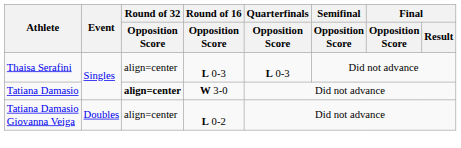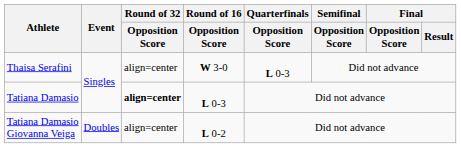 <table class="wikitable" style="font-size:90%">
 <tr>
 <th rowspan=2>Athlete</th>
 <th rowspan=2>Event</th>
 <th>Round of 32</th>
 <th>Round of 16</th>
 <th>Quarterfinals</th>
 <th>Semifinal</th>
 <th colspan=2>Final</th>
 </tr>
 <tr>
 <th>Opposition<br>Score</th>
 <th>Opposition<br>Score</th>
 <th>Opposition<br>Score</th>
 <th>Opposition<br>Score</th>
 <th>Opposition<br>Score</th>
 <th>Result</th>
 </tr>
 <tr>
 <td><a href='#'>Thaisa Serafini</a></td>
 <td rowspan=2><a href='#'>Singles</a></td>
 <td>align=center </td>
-<td align=center><br><strong>L</strong> 0-3</td>
+<td align=center><strong>W</strong> 3-0</td>
 <td align=center><br><strong>L</strong> 0-3</td>
 <td align="center" colspan="7">Did not advance</td>
 </tr>
 <tr>
 <td><a href='#'>Tatiana Damasio</a></td>
 <td><strong>align=center </strong></td>
-<td align=center><strong>W</strong> 3-0</td>
+<td align=center><br><strong>L</strong> 0-3</td>
 <td align="center" colspan="7">Did not advance</td>
 </tr>
 <tr>
 <td><a href='#'>Tatiana Damasio</a><br><a href='#'>Giovanna Veiga</a></td>
 <td><a href='#'>Doubles</a></td>
 <td>align=center </td>
 <td align=center><br><strong>L</strong> 0-2</td>
 <td align="center" colspan="7">Did not advance</td>
 </tr>
 </table>
